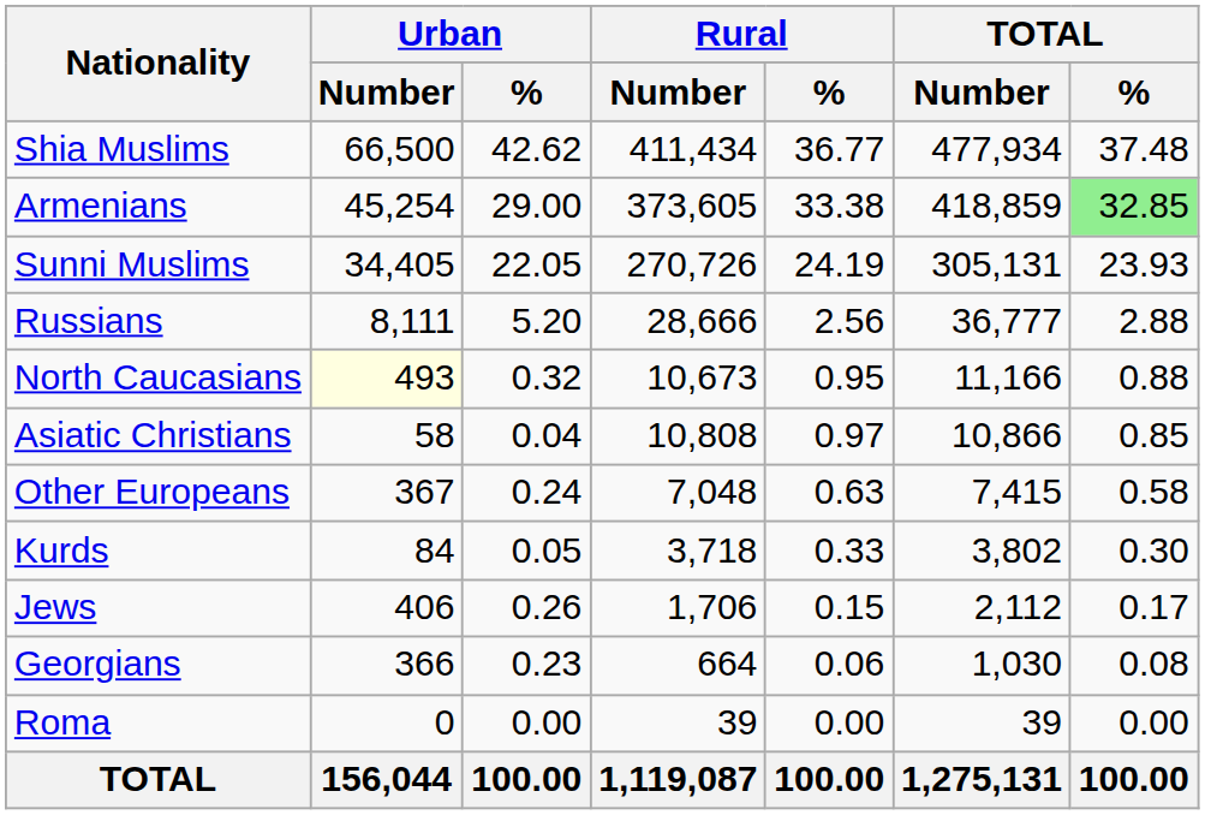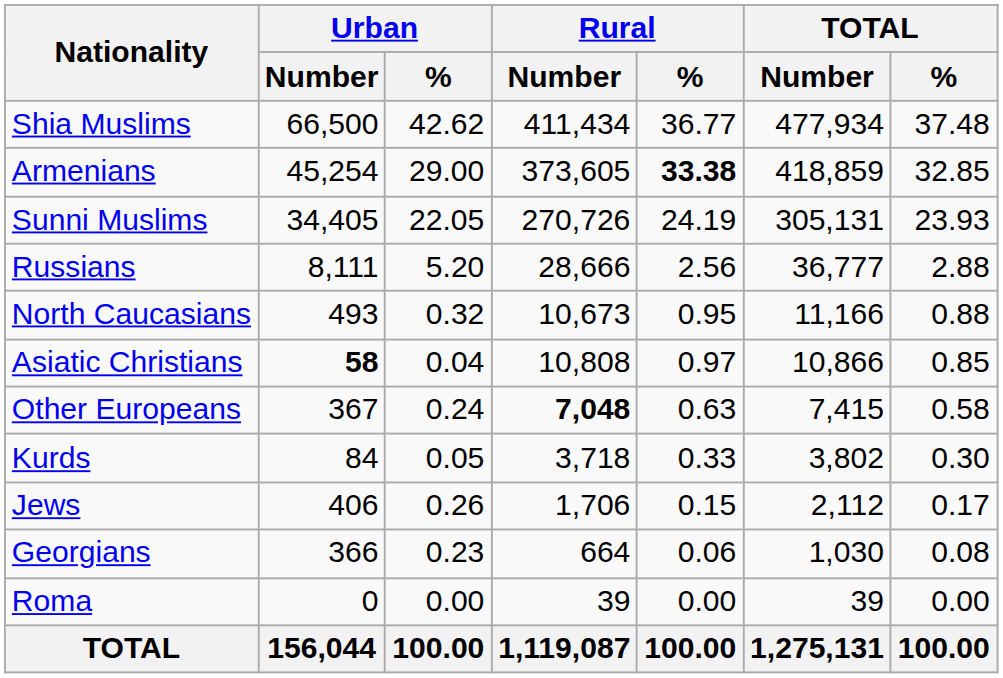 <table class="wikitable sortable">
 <tr>
 <th rowspan="2">Nationality</th>
 <th colspan="2"><a href='#'>Urban</a></th>
 <th colspan="2"><a href='#'>Rural</a></th>
 <th colspan="2">TOTAL</th>
 </tr>
 <tr>
 <th>Number</th>
 <th>%</th>
 <th>Number</th>
 <th>%</th>
 <th>Number</th>
 <th>%</th>
 </tr>
 <tr>
 <td><a href='#'>Shia Muslims</a></td>
 <td align="right">66,500</td>
 <td align="right">42.62</td>
 <td align="right">411,434</td>
 <td align="right">36.77</td>
 <td align="right">477,934</td>
 <td align="right">37.48</td>
 </tr>
 <tr>
 <td><a href='#'>Armenians</a></td>
 <td align="right">45,254</td>
 <td align="right">29.00</td>
 <td align="right">373,605</td>
-<td align="right">33.38</td>
+<td align="right"><strong>33.38</strong></td>
 <td align="right">418,859</td>
-<td align="right" style="background: lightgreen;">32.85</td>
+<td align="right">32.85</td>
 </tr>
 <tr>
 <td><a href='#'>Sunni Muslims</a></td>
 <td align="right">34,405</td>
 <td align="right">22.05</td>
 <td align="right">270,726</td>
 <td align="right">24.19</td>
 <td align="right">305,131</td>
 <td align="right">23.93</td>
 </tr>
 <tr>
 <td><a href='#'>Russians</a></td>
 <td align="right">8,111</td>
 <td align="right">5.20</td>
 <td align="right">28,666</td>
 <td align="right">2.56</td>
 <td align="right">36,777</td>
 <td align="right">2.88</td>
 </tr>
 <tr>
 <td><a href='#'>North Caucasians</a></td>
-<td align="right" style="background: lightyellow;">493</td>
+<td align="right">493</td>
 <td align="right">0.32</td>
 <td align="right">10,673</td>
 <td align="right">0.95</td>
 <td align="right">11,166</td>
 <td align="right">0.88</td>
 </tr>
 <tr>
 <td><a href='#'>Asiatic Christians</a></td>
-<td align="right">58</td>
+<td align="right"><strong>58</strong></td>
 <td align="right">0.04</td>
 <td align="right">10,808</td>
 <td align="right">0.97</td>
 <td align="right">10,866</td>
 <td align="right">0.85</td>
 </tr>
 <tr>
 <td><a href='#'>Other Europeans</a></td>
 <td align="right">367</td>
 <td align="right">0.24</td>
-<td align="right">7,048</td>
+<td align="right"><strong>7,048</strong></td>
 <td align="right">0.63</td>
 <td align="right">7,415</td>
 <td align="right">0.58</td>
 </tr>
 <tr>
 <td><a href='#'>Kurds</a></td>
 <td align="right">84</td>
 <td align="right">0.05</td>
 <td align="right">3,718</td>
 <td align="right">0.33</td>
 <td align="right">3,802</td>
 <td align="right">0.30</td>
 </tr>
 <tr>
 <td><a href='#'>Jews</a></td>
 <td align="right">406</td>
 <td align="right">0.26</td>
 <td align="right">1,706</td>
 <td align="right">0.15</td>
 <td align="right">2,112</td>
 <td align="right">0.17</td>
 </tr>
 <tr>
 <td><a href='#'>Georgians</a></td>
 <td align="right">366</td>
 <td align="right">0.23</td>
 <td align="right">664</td>
 <td align="right">0.06</td>
 <td align="right">1,030</td>
 <td align="right">0.08</td>
 </tr>
 <tr>
 <td><a href='#'>Roma</a></td>
 <td align="right">0</td>
 <td align="right">0.00</td>
 <td align="right">39</td>
 <td align="right">0.00</td>
 <td align="right">39</td>
 <td align="right">0.00</td>
 </tr>
 <tr>
 <th>TOTAL</th>
 <th>156,044</th>
 <th>100.00</th>
 <th>1,119,087</th>
 <th>100.00</th>
 <th>1,275,131</th>
 <th>100.00</th>
 </tr>
 </table>
